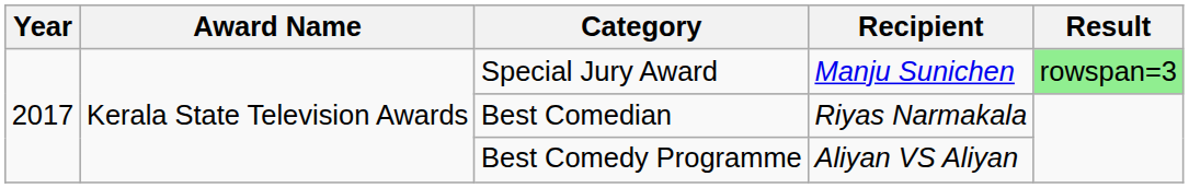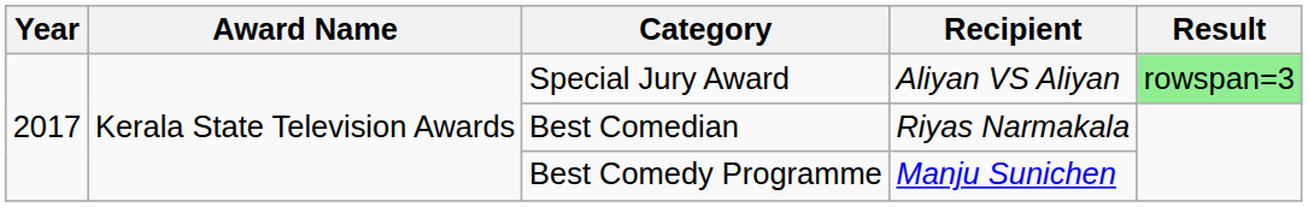 <table class="wikitable plainrowheaders">
 <tr>
 <th scope="col">Year</th>
 <th scope="col">Award Name</th>
 <th scope="col">Category</th>
 <th scope="col">Recipient</th>
 <th scope="col">Result</th>
 </tr>
 <tr>
 <td rowspan=3>2017</td>
 <td rowspan=3>Kerala State Television Awards</td>
 <td>Special Jury Award</td>
-<td><em><a href='#'>Manju Sunichen</a></em></td>
+<td><em>Aliyan VS Aliyan</em></td>
 <td style="background: lightgreen;">rowspan=3 </td>
 </tr>
 <tr>
 <td>Best Comedian</td>
 <td><em>Riyas Narmakala</em></td>
 </tr>
 <tr>
 <td>Best Comedy Programme</td>
-<td><em>Aliyan VS Aliyan</em></td>
+<td><em><a href='#'>Manju Sunichen</a></em></td>
 </tr>
 </table>
